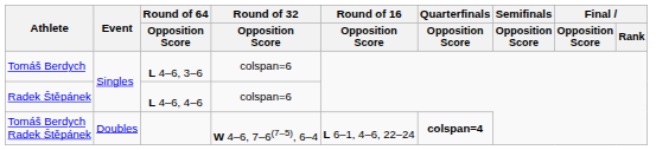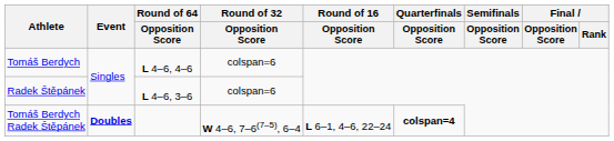 <table class=wikitable style="font-size:90%">
 <tr>
 <th rowspan="2">Athlete</th>
 <th rowspan="2">Event</th>
 <th>Round of 64</th>
 <th>Round of 32</th>
 <th>Round of 16</th>
 <th>Quarterfinals</th>
 <th>Semifinals</th>
 <th colspan=2>Final / </th>
 </tr>
 <tr style="font-size:95%">
 <th>Opposition<br>Score</th>
 <th>Opposition<br>Score</th>
 <th>Opposition<br>Score</th>
 <th>Opposition<br>Score</th>
 <th>Opposition<br>Score</th>
 <th>Opposition<br>Score</th>
 <th>Rank</th>
 </tr>
 <tr align=center>
 <td align=left><a href='#'>Tomáš Berdych</a></td>
 <td align=left rowspan=2><a href='#'>Singles</a></td>
+<td> <br><strong>L</strong> 4–6, 4–6</td>
+<td>colspan=6 </td>
+</tr>
+<tr align=center>
+<td align=left><a href='#'>Radek Štěpánek</a></td>
 <td> <br><strong>L</strong> 4–6, 3–6</td>
 <td>colspan=6 </td>
 </tr>
 <tr align=center>
-<td align=left><a href='#'>Radek Štěpánek</a></td>
-<td> <br><strong>L</strong> 4–6, 4–6</td>
-<td>colspan=6 </td>
-</tr>
-<tr align=center>
 <td align=left><a href='#'>Tomáš Berdych</a><br><a href='#'>Radek Štěpánek</a></td>
-<td align=left><a href='#'>Doubles</a></td>
+<td align=left><strong><a href='#'>Doubles</a></strong></td>
 <td></td>
 <td> <br><strong>W</strong> 4–6, 7–6<sup>(7–5)</sup>, 6–4</td>
 <td> <br><strong>L</strong> 6–1, 4–6, 22–24</td>
 <td><strong>colspan=4 </strong></td>
 </tr>
 </table>
